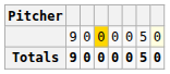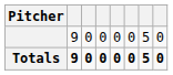 <table class="wikitable sortable plainrowheaders">
 <tr>
 <th scope="col">Pitcher</th>
 <th scope="col"></th>
 <th scope="col"></th>
 <th scope="col"></th>
 <th scope="col"></th>
 <th scope="col"></th>
 <th scope="col"></th>
 <th scope="col"></th>
 </tr>
 <tr>
 <th scope="row"></th>
 <td>9</td>
 <td>0</td>
-<td style="background: gold;">0</td>
+<td>0</td>
 <td>0</td>
 <td>0</td>
 <td>5</td>
-<td style="background: lightyellow;">0</td>
+<td>0</td>
 </tr>
 <tr class="sortbottom">
 <th scope="row">Totals</th>
 <td><strong>9</strong></td>
 <td><strong>0</strong></td>
 <td><strong>0</strong></td>
 <td><strong>0</strong></td>
 <td><strong>0</strong></td>
 <td><strong>5</strong></td>
 <td><strong>0</strong></td>
 </tr>
 </table>
